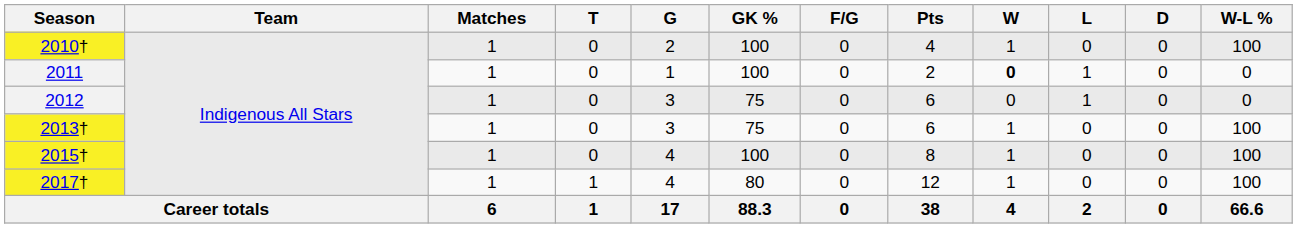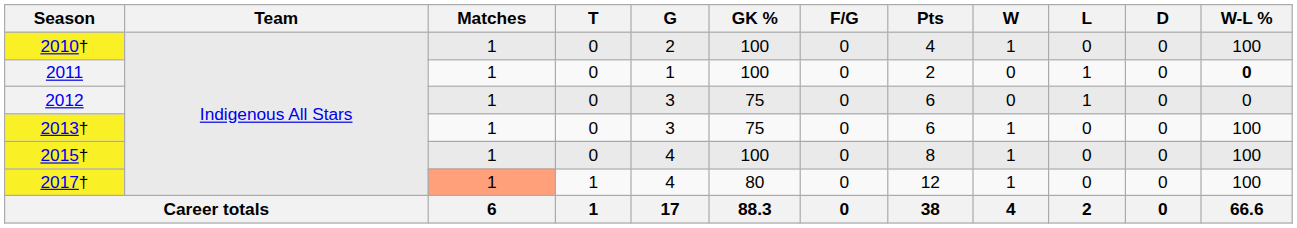 <table class="wikitable sortable"  style="font-size:90%; text-align:center; width:85%;">
 <tr>
 <th width=2%>Season</th>
 <th width=8%>Team</th>
 <th width=2%>Matches</th>
 <th width=2%>T</th>
 <th width=2%>G</th>
 <th width=2%>GK %</th>
 <th width=2%>F/G</th>
 <th width=2%>Pts</th>
 <th width=2%>W</th>
 <th width=2%>L</th>
 <th width=2%>D</th>
 <th width=2%>W-L %</th>
 </tr>
 <tr style="background:#eaeaea;">
 <th scope="row" style="text-align:center;background:#f9f025; font-weight:normal"><a href='#'>2010</a>†</th>
 <td rowspan="6" style="text-align:center;"> <a href='#'>Indigenous All Stars</a></td>
 <td>1</td>
 <td>0</td>
 <td>2</td>
 <td>100</td>
 <td>0</td>
 <td>4</td>
 <td>1</td>
 <td>0</td>
 <td>0</td>
 <td>100</td>
 </tr>
 <tr>
 <th scope="row" style="text-align:center; font-weight:normal"><a href='#'>2011</a></th>
 <td>1</td>
 <td>0</td>
 <td>1</td>
 <td>100</td>
 <td>0</td>
 <td>2</td>
-<td><strong>0</strong></td>
+<td>0</td>
 <td>1</td>
 <td>0</td>
-<td>0</td>
+<td><strong>0</strong></td>
 </tr>
 <tr style="background:#eaeaea;">
 <th scope="row" style="text-align:center; font-weight:normal"><a href='#'>2012</a></th>
 <td>1</td>
 <td>0</td>
 <td>3</td>
 <td>75</td>
 <td>0</td>
 <td>6</td>
 <td>0</td>
 <td>1</td>
 <td>0</td>
 <td>0</td>
 </tr>
 <tr>
 <th scope="row" style="text-align:center;background:#f9f025; font-weight:normal"><a href='#'>2013</a>†</th>
 <td>1</td>
 <td>0</td>
 <td>3</td>
 <td>75</td>
 <td>0</td>
 <td>6</td>
 <td>1</td>
 <td>0</td>
 <td>0</td>
 <td>100</td>
 </tr>
 <tr style="background:#eaeaea;">
 <th scope="row" style="text-align:center;background:#f9f025; font-weight:normal"><a href='#'>2015</a>†</th>
 <td>1</td>
 <td>0</td>
 <td>4</td>
 <td>100</td>
 <td>0</td>
 <td>8</td>
 <td>1</td>
 <td>0</td>
 <td>0</td>
 <td>100</td>
 </tr>
 <tr>
 <th scope="row" style="text-align:center;background:#f9f025; font-weight:normal"><a href='#'>2017</a>†</th>
-<td>1</td>
+<td style="background: lightsalmon;">1</td>
 <td>1</td>
 <td>4</td>
 <td>80</td>
 <td>0</td>
 <td>12</td>
 <td>1</td>
 <td>0</td>
 <td>0</td>
 <td>100</td>
 </tr>
 <tr class="sortbottom">
 <th colspan=2>Career totals</th>
 <th>6</th>
 <th>1</th>
 <th>17</th>
 <th>88.3</th>
 <th>0</th>
 <th>38</th>
 <th>4</th>
 <th>2</th>
 <th>0</th>
 <th>66.6</th>
 </tr>
 </table>
